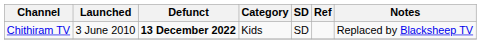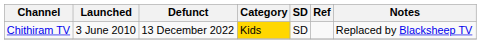 <table class="wikitable" width="55%">
 <tr>
 <th>Channel</th>
 <th>Launched</th>
 <th>Defunct</th>
 <th>Category</th>
 <th>SD</th>
 <th>Ref</th>
 <th>Notes</th>
 </tr>
 <tr>
 <td><a href='#'>Chithiram TV</a></td>
 <td>3 June 2010</td>
-<td><strong>13 December 2022</strong></td>
-<td>Kids</td>
+<td>13 December 2022</td>
+<td style="background: gold;">Kids</td>
 <td>SD</td>
 <td></td>
 <td>Replaced by <a href='#'>Blacksheep TV</a></td>
 </tr>
 <tr>
 </tr>
 </table>
